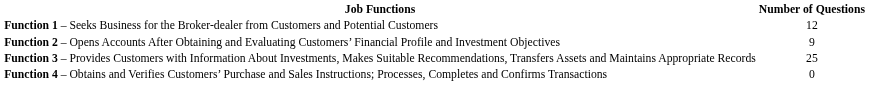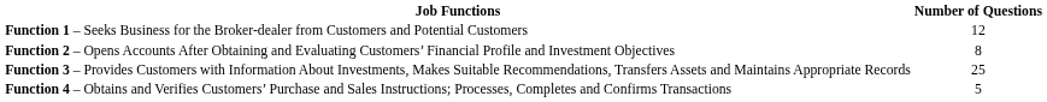 <table>
 <tr>
 <th scope="col">Job Functions</th>
 <th scope="col">Number of Questions</th>
 </tr>
 <tr>
 <td><strong>Function 1 </strong>– Seeks Business for the Broker-dealer from Customers and Potential Customers</td>
 <td style="text-align: center;">12</td>
 </tr>
 <tr>
 <td><strong>Function 2</strong> – Opens Accounts After Obtaining and Evaluating Customers’ Financial Profile and Investment Objectives</td>
-<td style="text-align: center;">9</td>
+<td style="text-align: center;">8</td>
 </tr>
 <tr>
 <td><strong>Function 3</strong> – Provides Customers with Information About Investments, Makes Suitable Recommendations, Transfers Assets and Maintains Appropriate Records</td>
 <td style="text-align: center;">25</td>
 </tr>
 <tr>
 <td><strong>Function 4</strong> – Obtains and Verifies Customers’ Purchase and Sales Instructions; Processes, Completes and Confirms Transactions</td>
-<td style="text-align: center;">0</td>
+<td style="text-align: center;">5</td>
 </tr>
 </table>
